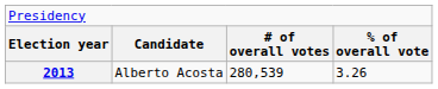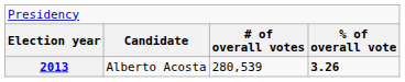 <table class=wikitable>
 <tr>
 <td colspan=5><a href='#'>Presidency</a></td>
 </tr>
 <tr>
 <th>Election year</th>
 <th>Candidate</th>
 <th># of<br>overall votes</th>
 <th>% of<br>overall vote</th>
 </tr>
 <tr>
 <th><a href='#'>2013</a></th>
 <td>Alberto Acosta</td>
 <td>280,539</td>
-<td>3.26</td>
+<td><strong>3.26</strong></td>
 </tr>
 </table>
